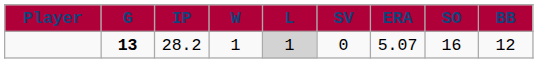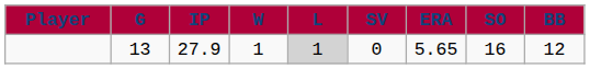 <table class="wikitable sortable">
 <tr>
 <th style="background:#af0039;color:#0f437c;" width="16%">Player</th>
 <th style="background:#af0039;color:#0f437c;" width="9%">G</th>
 <th style="background:#af0039;color:#0f437c;" width="9%">IP</th>
 <th style="background:#af0039;color:#0f437c;" width="9%">W</th>
 <th style="background:#af0039;color:#0f437c;" width="9%">L</th>
 <th style="background:#af0039;color:#0f437c;" width="9%">SV</th>
 <th style="background:#af0039;color:#0f437c;" width="9%">ERA</th>
 <th style="background:#af0039;color:#0f437c;" width="9%">SO</th>
 <th style="background:#af0039;color:#0f437c;" width="9%">BB</th>
 </tr>
 <tr align="center">
 <td></td>
-<td><strong>13</strong></td>
-<td>28.2</td>
+<td>13</td>
+<td>27.9</td>
 <td>1</td>
 <td style="background: lightgrey;">1</td>
 <td>0</td>
-<td>5.07</td>
+<td>5.65</td>
 <td>16</td>
 <td>12</td>
 </tr>
 </table>
